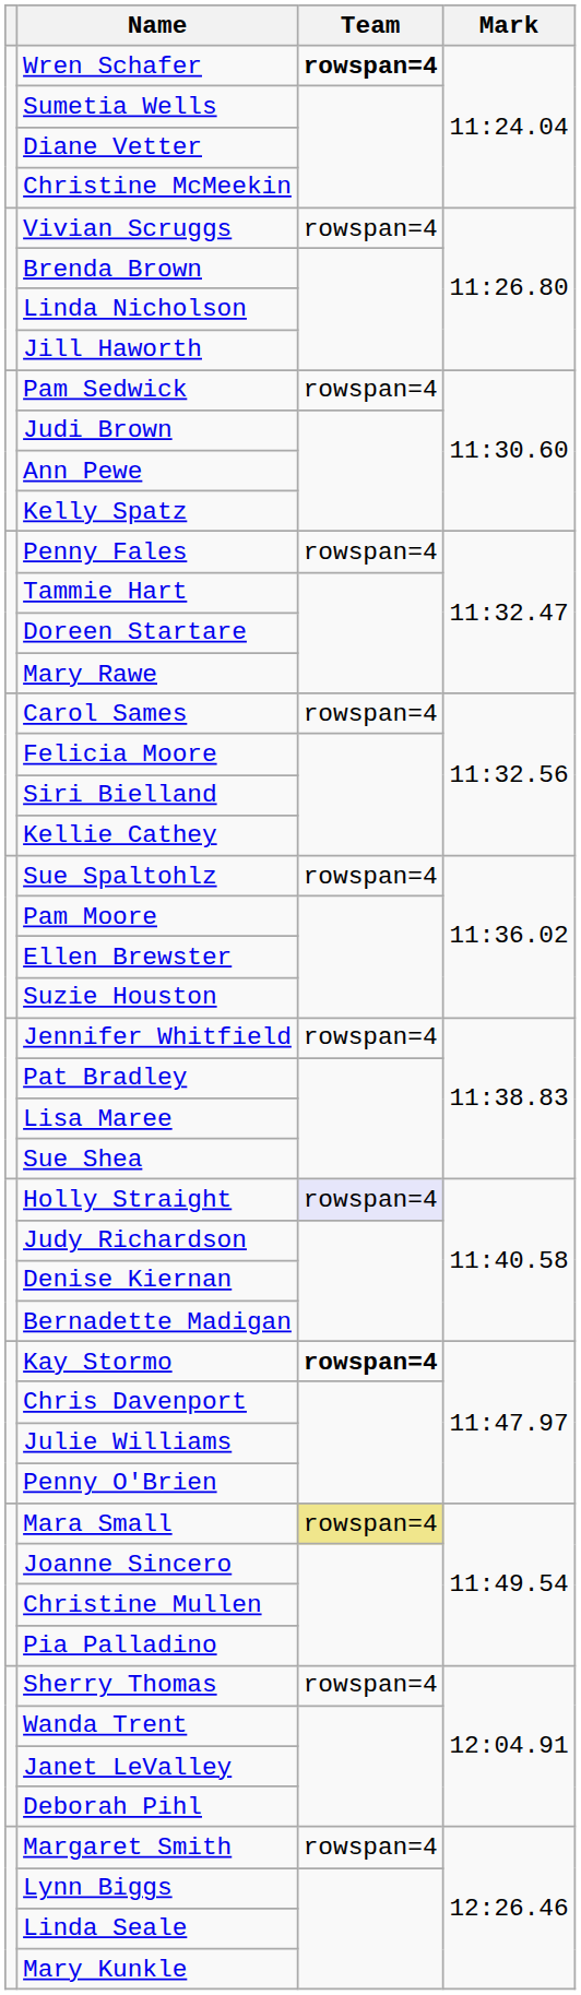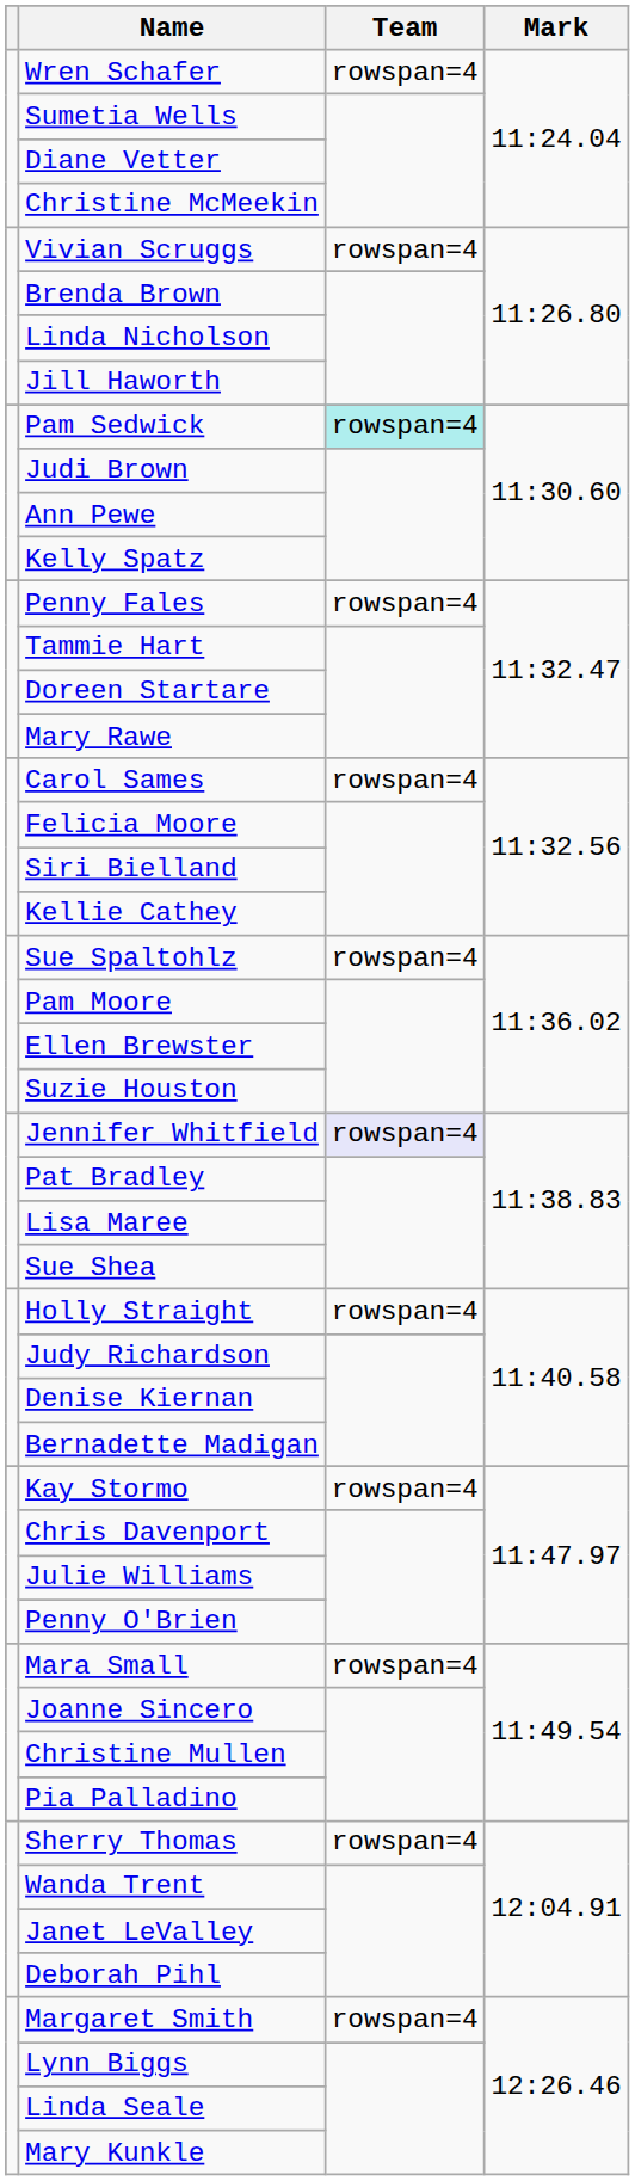 <table class=wikitable>
 <tr>
 <th></th>
 <th>Name</th>
 <th>Team</th>
 <th>Mark</th>
 </tr>
 <tr>
 <td rowspan=4></td>
 <td><a href='#'>Wren Schafer</a></td>
-<td><strong>rowspan=4 </strong></td>
+<td>rowspan=4 </td>
 <td rowspan=4>11:24.04</td>
 </tr>
 <tr>
 <td><a href='#'>Sumetia Wells</a></td>
 </tr>
 <tr>
 <td><a href='#'>Diane Vetter</a></td>
 </tr>
 <tr>
 <td><a href='#'>Christine McMeekin</a></td>
 </tr>
 <tr>
 <td rowspan=4></td>
 <td><a href='#'>Vivian Scruggs</a></td>
 <td>rowspan=4 </td>
 <td rowspan=4>11:26.80</td>
 </tr>
 <tr>
 <td><a href='#'>Brenda Brown</a></td>
 </tr>
 <tr>
 <td><a href='#'>Linda Nicholson</a></td>
 </tr>
 <tr>
 <td><a href='#'>Jill Haworth</a></td>
 </tr>
 <tr>
 <td rowspan=4></td>
 <td><a href='#'>Pam Sedwick</a></td>
-<td>rowspan=4 </td>
+<td style="background: paleturquoise;">rowspan=4 </td>
 <td rowspan=4>11:30.60</td>
 </tr>
 <tr>
 <td><a href='#'>Judi Brown</a></td>
 </tr>
 <tr>
 <td><a href='#'>Ann Pewe</a></td>
 </tr>
 <tr>
 <td><a href='#'>Kelly Spatz</a></td>
 </tr>
 <tr>
 <td rowspan=4></td>
 <td><a href='#'>Penny Fales</a></td>
 <td>rowspan=4 </td>
 <td rowspan=4>11:32.47</td>
 </tr>
 <tr>
 <td><a href='#'>Tammie Hart</a></td>
 </tr>
 <tr>
 <td><a href='#'>Doreen Startare</a></td>
 </tr>
 <tr>
 <td><a href='#'>Mary Rawe</a></td>
 </tr>
 <tr>
 <td rowspan=4></td>
 <td><a href='#'>Carol Sames</a></td>
 <td>rowspan=4 </td>
 <td rowspan=4>11:32.56</td>
 </tr>
 <tr>
 <td><a href='#'>Felicia Moore</a></td>
 </tr>
 <tr>
 <td><a href='#'>Siri Bielland</a></td>
 </tr>
 <tr>
 <td><a href='#'>Kellie Cathey</a></td>
 </tr>
 <tr>
 <td rowspan=4></td>
 <td><a href='#'>Sue Spaltohlz</a></td>
 <td>rowspan=4 </td>
 <td rowspan=4>11:36.02</td>
 </tr>
 <tr>
 <td><a href='#'>Pam Moore</a></td>
 </tr>
 <tr>
 <td><a href='#'>Ellen Brewster</a></td>
 </tr>
 <tr>
 <td><a href='#'>Suzie Houston</a></td>
 </tr>
 <tr>
 <td rowspan=4></td>
 <td><a href='#'>Jennifer Whitfield</a></td>
-<td>rowspan=4 </td>
+<td style="background: lavender;">rowspan=4 </td>
 <td rowspan=4>11:38.83</td>
 </tr>
 <tr>
 <td><a href='#'>Pat Bradley</a></td>
 </tr>
 <tr>
 <td><a href='#'>Lisa Maree</a></td>
 </tr>
 <tr>
 <td><a href='#'>Sue Shea</a></td>
 </tr>
 <tr>
 <td rowspan=4></td>
 <td><a href='#'>Holly Straight</a></td>
-<td style="background: lavender;">rowspan=4 </td>
+<td>rowspan=4 </td>
 <td rowspan=4>11:40.58</td>
 </tr>
 <tr>
 <td><a href='#'>Judy Richardson</a></td>
 </tr>
 <tr>
 <td><a href='#'>Denise Kiernan</a></td>
 </tr>
 <tr>
 <td><a href='#'>Bernadette Madigan</a></td>
 </tr>
 <tr>
 <td rowspan=4></td>
 <td><a href='#'>Kay Stormo</a></td>
-<td><strong>rowspan=4 </strong></td>
+<td>rowspan=4 </td>
 <td rowspan=4>11:47.97</td>
 </tr>
 <tr>
 <td><a href='#'>Chris Davenport</a></td>
 </tr>
 <tr>
 <td><a href='#'>Julie Williams</a></td>
 </tr>
 <tr>
 <td><a href='#'>Penny O'Brien</a></td>
 </tr>
 <tr>
 <td rowspan=4></td>
 <td><a href='#'>Mara Small</a></td>
-<td style="background: khaki;">rowspan=4 </td>
+<td>rowspan=4 </td>
 <td rowspan=4>11:49.54</td>
 </tr>
 <tr>
 <td><a href='#'>Joanne Sincero</a></td>
 </tr>
 <tr>
 <td><a href='#'>Christine Mullen</a></td>
 </tr>
 <tr>
 <td><a href='#'>Pia Palladino</a></td>
 </tr>
 <tr>
 <td rowspan=4></td>
 <td><a href='#'>Sherry Thomas</a></td>
 <td>rowspan=4 </td>
 <td rowspan=4>12:04.91</td>
 </tr>
 <tr>
 <td><a href='#'>Wanda Trent</a></td>
 </tr>
 <tr>
 <td><a href='#'>Janet LeValley</a></td>
 </tr>
 <tr>
 <td><a href='#'>Deborah Pihl</a></td>
 </tr>
 <tr>
 <td rowspan=4></td>
 <td><a href='#'>Margaret Smith</a></td>
 <td>rowspan=4 </td>
 <td rowspan=4>12:26.46</td>
 </tr>
 <tr>
 <td><a href='#'>Lynn Biggs</a></td>
 </tr>
 <tr>
 <td><a href='#'>Linda Seale</a></td>
 </tr>
 <tr>
 <td><a href='#'>Mary Kunkle</a></td>
 </tr>
 </table>
